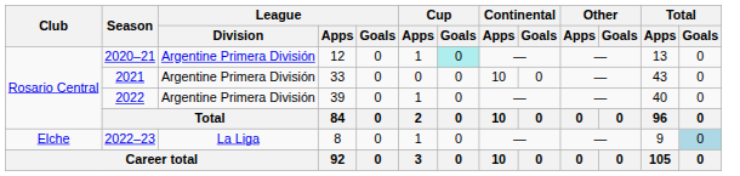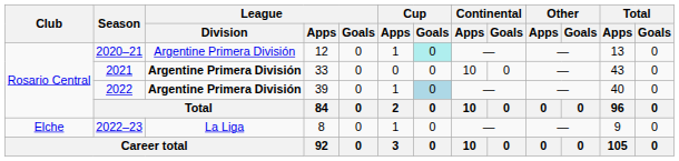 <table class="wikitable" style="text-align:center">
 <tr>
 <th rowspan="2">Club</th>
 <th rowspan="2">Season</th>
 <th colspan="3">League</th>
 <th colspan="2">Cup</th>
 <th colspan="2">Continental</th>
 <th colspan="2">Other</th>
 <th colspan="2">Total</th>
 </tr>
 <tr>
 <th>Division</th>
 <th>Apps</th>
 <th>Goals</th>
 <th>Apps</th>
 <th>Goals</th>
 <th>Apps</th>
 <th>Goals</th>
 <th>Apps</th>
 <th>Goals</th>
 <th>Apps</th>
 <th>Goals</th>
 </tr>
 <tr>
 <td rowspan="4"><a href='#'>Rosario Central</a></td>
 <td><a href='#'>2020–21</a></td>
 <td><a href='#'>Argentine Primera División</a></td>
 <td>12</td>
 <td>0</td>
 <td>1</td>
 <td style="background: paleturquoise;">0</td>
 <td colspan="2">—</td>
 <td colspan="2">—</td>
 <td>13</td>
 <td>0</td>
 </tr>
 <tr>
 <td><a href='#'>2021</a></td>
-<td>Argentine Primera División</td>
+<td><strong>Argentine Primera División</strong></td>
 <td>33</td>
 <td>0</td>
 <td>0</td>
 <td>0</td>
 <td>10</td>
 <td>0</td>
 <td colspan="2">—</td>
 <td>43</td>
 <td>0</td>
 </tr>
 <tr>
 <td><a href='#'>2022</a></td>
-<td>Argentine Primera División</td>
+<td><strong>Argentine Primera División</strong></td>
 <td>39</td>
 <td>0</td>
 <td>1</td>
-<td>0</td>
+<td style="background: lightblue;">0</td>
 <td colspan="2">—</td>
 <td colspan="2">—</td>
 <td>40</td>
 <td>0</td>
 </tr>
 <tr>
 <th colspan="2">Total</th>
 <th>84</th>
 <th>0</th>
 <th>2</th>
 <th>0</th>
 <th>10</th>
 <th>0</th>
 <th>0</th>
 <th>0</th>
 <th>96</th>
 <th>0</th>
 </tr>
 <tr>
 <td><a href='#'>Elche</a></td>
 <td><a href='#'>2022–23</a></td>
 <td><a href='#'>La Liga</a></td>
 <td>8</td>
 <td>0</td>
 <td>1</td>
 <td>0</td>
 <td colspan="2">—</td>
 <td colspan="2">—</td>
 <td>9</td>
-<td style="background: lightblue;">0</td>
+<td>0</td>
 </tr>
 <tr>
 <th colspan="3">Career total</th>
 <th>92</th>
 <th>0</th>
 <th>3</th>
 <th>0</th>
 <th>10</th>
 <th>0</th>
 <th>0</th>
 <th>0</th>
 <th>105</th>
 <th>0</th>
 </tr>
 </table>
